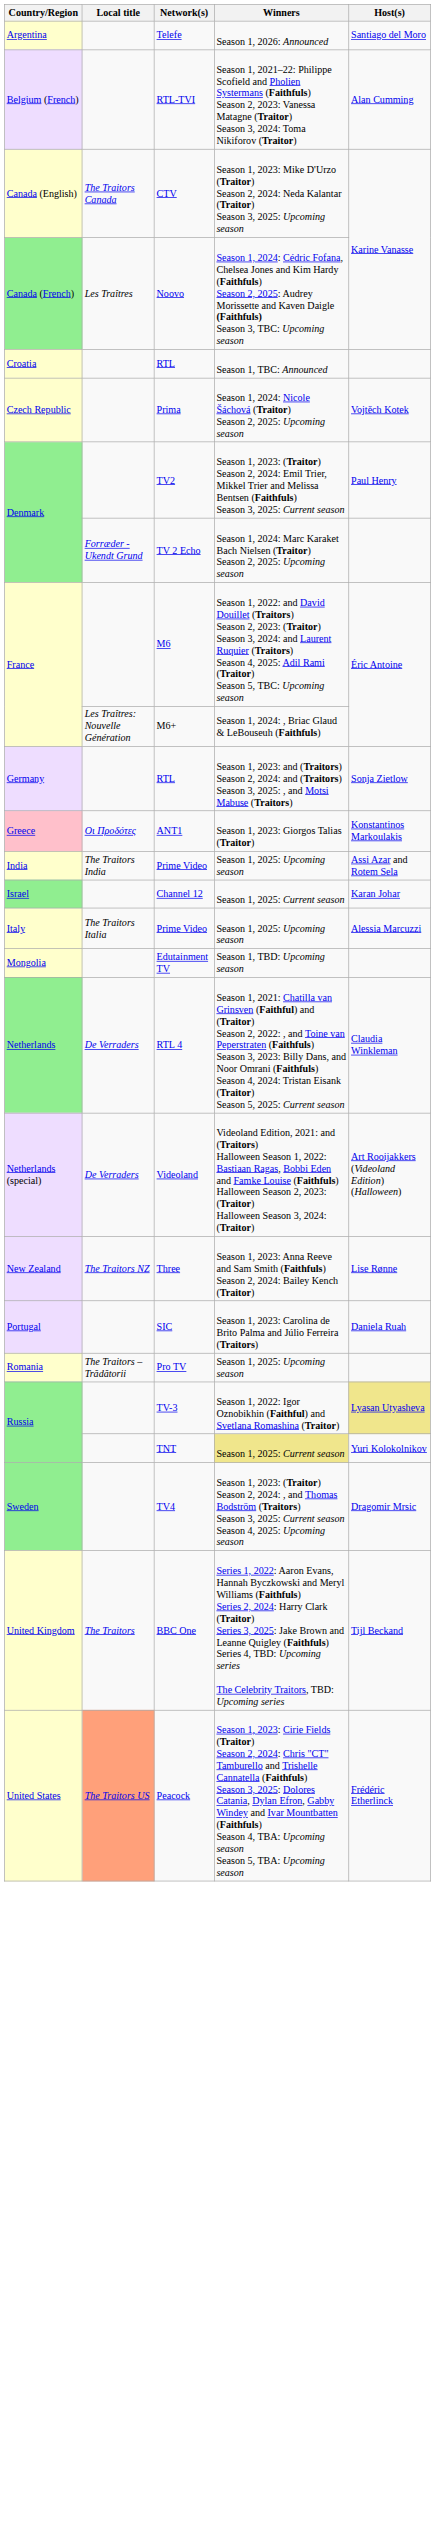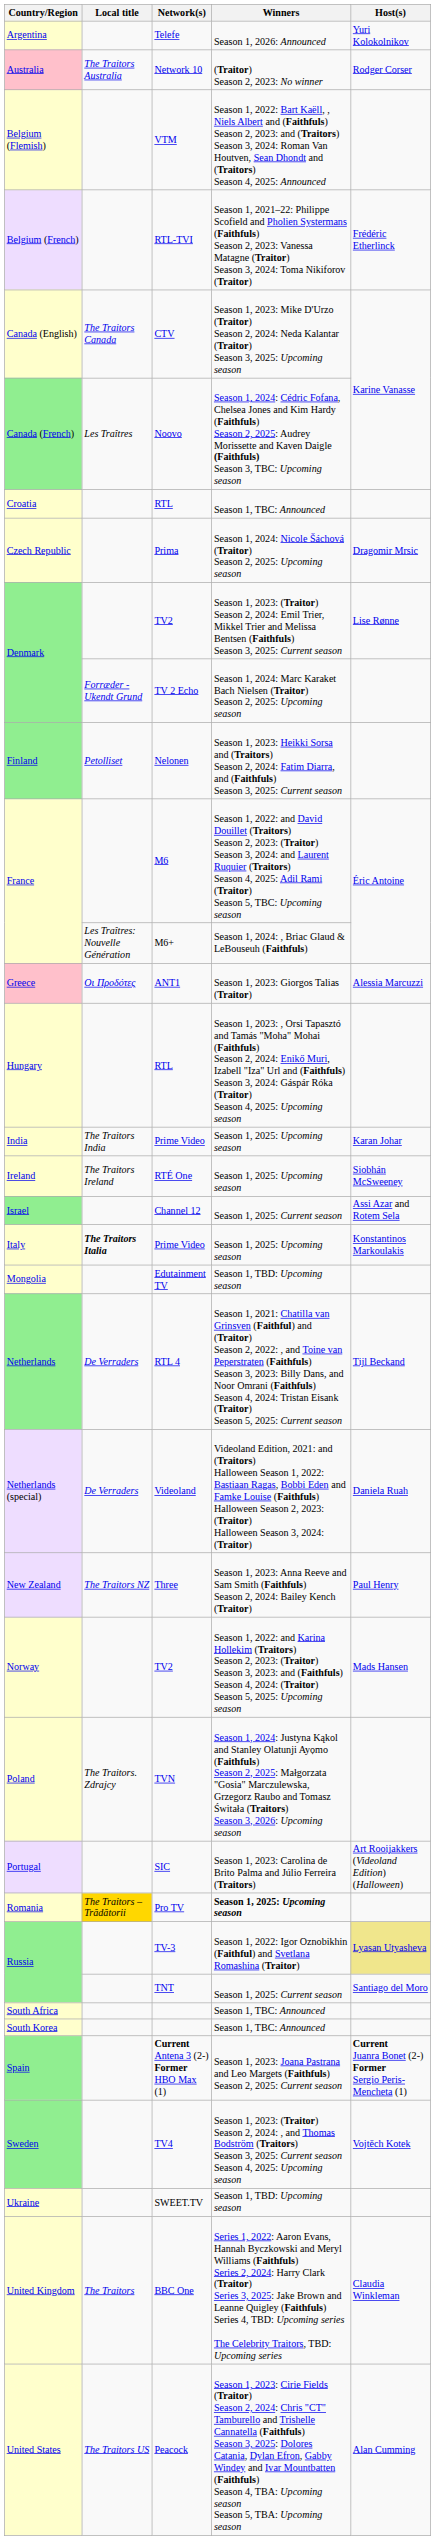 <table class="wikitable" style="text-align:left; font-size:90%">
 <tr>
 <th>Country/Region</th>
 <th>Local title</th>
 <th>Network(s)</th>
 <th>Winners</th>
 <th>Host(s)</th>
 </tr>
 <tr>
 <td bgcolor=FFFFCC><a href='#'>Argentina</a></td>
 <td></td>
 <td><a href='#'>Telefe</a></td>
 <td><br>Season 1, 2026: <em>Announced</em></td>
-<td><a href='#'>Santiago del Moro</a></td>
+<td><a href='#'>Yuri Kolokolnikov</a></td>
+</tr>
+<tr>
+<td bgcolor=#FFC0CB><a href='#'>Australia</a></td>
+<td><em><a href='#'>The Traitors Australia</a></em></td>
+<td><a href='#'>Network 10</a></td>
+<td><br> (<strong>Traitor</strong>)<br> Season 2, 2023: <em>No winner</em></td>
+<td><a href='#'>Rodger Corser</a></td>
+</tr>
+<tr>
+<td bgcolor=FFFFCC><a href='#'>Belgium</a> (<a href='#'>Flemish</a>)</td>
+<td><em></em></td>
+<td><a href='#'>VTM</a></td>
+<td><br>Season 1, 2022: <a href='#'>Bart Kaëll</a>, , <a href='#'>Niels Albert</a> and  (<strong>Faithfuls</strong>)<br> Season 2, 2023:  and  (<strong>Traitors</strong>)<br> Season 3, 2024: Roman Van Houtven, <a href='#'>Sean Dhondt</a> and  (<strong>Traitors</strong>)<br> Season 4, 2025: <em>Announced</em></td>
+<td></td>
 </tr>
 <tr>
 <td bgcolor=EEDDFF><a href='#'>Belgium</a> (<a href='#'>French</a>)</td>
 <td><em></em></td>
 <td><a href='#'>RTL-TVI</a></td>
 <td><br>Season 1, 2021–22: Philippe Scofield and <a href='#'>Pholien Systermans</a> (<strong>Faithfuls</strong>)<br> Season 2, 2023: Vanessa Matagne (<strong>Traitor</strong>)<br> Season 3, 2024: Toma Nikiforov (<strong>Traitor</strong>)</td>
-<td><a href='#'>Alan Cumming</a></td>
+<td><a href='#'>Frédéric Etherlinck</a></td>
 </tr>
 <tr>
 <td bgcolor= FFFFCC><a href='#'>Canada</a> (English)</td>
 <td><em><a href='#'>The Traitors Canada</a></em></td>
 <td><a href='#'>CTV</a></td>
 <td><br>Season 1, 2023: Mike D'Urzo (<strong>Traitor</strong>)<br> Season 2, 2024: Neda Kalantar (<strong>Traitor</strong>)<br> Season 3, 2025: <em>Upcoming season</em> </td>
 <td rowspan="2"><a href='#'>Karine Vanasse</a></td>
 </tr>
 <tr>
 <td bgcolor=lightgreen><a href='#'>Canada</a> (<a href='#'>French</a>)</td>
 <td><em>Les Traîtres</em></td>
 <td><a href='#'>Noovo</a></td>
 <td><br><a href='#'>Season 1, 2024</a>: <a href='#'>Cédric Fofana</a>, Chelsea Jones and Kim Hardy (<strong>Faithfuls</strong>)<br> <a href='#'>Season 2, 2025</a>: Audrey Morissette and Kaven Daigle <strong>(Faithfuls)</strong><br> Season 3, TBC: <em>Upcoming season</em> </td>
 </tr>
 <tr>
 <td bgcolor=FFFFCC><a href='#'>Croatia</a></td>
 <td></td>
 <td><a href='#'>RTL</a></td>
 <td><br>Season 1, TBC: <em>Announced</em></td>
 <td></td>
 </tr>
 <tr>
 <td bgcolor=FFFFCC><a href='#'>Czech Republic</a></td>
 <td><em></em></td>
 <td><a href='#'>Prima</a></td>
 <td><br>Season 1, 2024: <a href='#'>Nicole Šáchová</a> (<strong>Traitor</strong>)<br> Season 2, 2025: <em>Upcoming season</em></td>
-<td><a href='#'>Vojtěch Kotek</a></td>
+<td><a href='#'>Dragomir Mrsic</a></td>
 </tr>
 <tr>
 <td rowspan="2" bgcolor=lightgreen><a href='#'>Denmark</a></td>
 <td><em></em></td>
 <td><a href='#'>TV2</a></td>
 <td><br>Season 1, 2023:  (<strong>Traitor</strong>)<br> Season 2, 2024: Emil Trier, Mikkel Trier and Melissa Bentsen (<strong>Faithfuls</strong>)<br> Season 3, 2025: <em>Current season</em> </td>
-<td><a href='#'>Paul Henry</a></td>
+<td><a href='#'>Lise Rønne</a></td>
 </tr>
 <tr>
 <td><em><a href='#'>Forræder - Ukendt Grund</a></em></td>
 <td><a href='#'>TV 2 Echo</a></td>
 <td><br>Season 1, 2024: Marc Karaket Bach Nielsen (<strong>Traitor</strong>)<br> Season 2, 2025: <em>Upcoming season</em></td>
+<td></td>
+</tr>
+<tr>
+<td bgcolor= lightgreen><a href='#'>Finland</a></td>
+<td><em><a href='#'>Petolliset</a></em></td>
+<td><a href='#'>Nelonen</a></td>
+<td><br>Season 1, 2023: <a href='#'>Heikki Sorsa</a> and  (<strong>Traitors</strong>)<br> Season 2, 2024: <a href='#'>Fatim Diarra</a>,  and  (<strong>Faithfuls</strong>)<br> Season 3, 2025: <em>Current season</em></td>
 <td></td>
 </tr>
 <tr>
 <td rowspan="2" bgcolor=#FFFFCC><a href='#'>France</a></td>
 <td><em></em></td>
 <td><a href='#'>M6</a></td>
 <td><br>Season 1, 2022:  and <a href='#'>David Douillet</a> (<strong>Traitors</strong>)<br> Season 2, 2023:  (<strong>Traitor</strong>)<br> Season 3, 2024:  and <a href='#'>Laurent Ruquier</a> (<strong>Traitors</strong>)<br> Season 4, 2025: <a href='#'>Adil Rami</a> (<strong>Traitor</strong>)<br> Season 5, TBC: <em>Upcoming season</em> </td>
 <td rowspan="2"><a href='#'>Éric Antoine</a></td>
 </tr>
 <tr>
 <td><em> Les Traîtres: Nouvelle Génération </em></td>
 <td>M6+</td>
 <td>Season 1, 2024: , Briac Glaud & LeBouseuh (<strong>Faithfuls</strong>)</td>
 </tr>
 <tr>
-<td bgcolor=EEDDFF><a href='#'>Germany</a></td>
-<td><em></em></td>
-<td><a href='#'>RTL</a></td>
-<td><br>Season 1, 2023:  and  (<strong>Traitors</strong>)<br> Season 2, 2024:  and  (<strong>Traitors</strong>)<br> Season 3, 2025:  ,  and <a href='#'>Motsi Mabuse</a> (<strong>Traitors</strong>)</td>
-<td><a href='#'>Sonja Zietlow</a></td>
-</tr>
-<tr>
 <td bgcolor=#FFC0CB><a href='#'>Greece</a></td>
 <td><em><a href='#'>Οι Προδότες</a></em><br></td>
 <td><a href='#'>ANT1</a></td>
 <td><br>Season 1, 2023: Giorgos Talias (<strong>Traitor</strong>)</td>
-<td><a href='#'>Konstantinos Markoulakis</a></td>
+<td><a href='#'>Alessia Marcuzzi</a></td>
+</tr>
+<tr>
+<td bgcolor= FFFFCC><a href='#'>Hungary</a></td>
+<td><em></em></td>
+<td><a href='#'>RTL</a></td>
+<td><br>Season 1, 2023: , Orsi Tapasztó and Tamás "Moha" Mohai (<strong>Faithfuls</strong>)<br> Season 2, 2024: <a href='#'>Enikő Muri</a>, Izabell "Iza" Url and  (<strong>Faithfuls</strong>)<br> Season 3, 2024: Gáspár Róka (<strong>Traitor</strong>)<br> Season 4, 2025: <em>Upcoming season</em></td>
+<td></td>
 </tr>
 <tr>
 <td bgcolor= FFFFCC><a href='#'>India</a></td>
 <td><em>The Traitors India</em></td>
 <td><a href='#'>Prime Video</a></td>
 <td>Season 1, 2025: <em>Upcoming season</em></td>
-<td><a href='#'>Assi Azar</a> and <a href='#'>Rotem Sela</a></td>
+<td><a href='#'>Karan Johar</a></td>
+</tr>
+<tr>
+<td bgcolor=#FFFFCC><a href='#'>Ireland</a></td>
+<td><em>The Traitors Ireland</em></td>
+<td><a href='#'>RTÉ One</a></td>
+<td><br>Season 1, 2025: <em>Upcoming season</em></td>
+<td><a href='#'>Siobhán McSweeney</a></td>
 </tr>
 <tr>
 <td bgcolor= lightgreen><a href='#'>Israel</a></td>
 <td><em></em><br></td>
 <td><a href='#'>Channel 12</a></td>
 <td><br>Season 1, 2025: <em>Current season</em></td>
-<td><a href='#'>Karan Johar</a></td>
+<td><a href='#'>Assi Azar</a> and <a href='#'>Rotem Sela</a></td>
 </tr>
 <tr>
 <td bgcolor=#FFFFCC><a href='#'>Italy</a></td>
-<td><em>The Traitors Italia</em></td>
+<td><strong><em>The Traitors Italia</em></strong></td>
 <td><a href='#'>Prime Video</a></td>
 <td><br>Season 1, 2025: <em>Upcoming season</em></td>
-<td><a href='#'>Alessia Marcuzzi</a></td>
+<td><a href='#'>Konstantinos Markoulakis</a></td>
 </tr>
 <tr>
 <td bgcolor= FFFFCC><a href='#'>Mongolia</a></td>
 <td></td>
 <td><a href='#'>Edutainment TV</a></td>
 <td>Season 1, TBD: <em>Upcoming season</em></td>
 <td></td>
 </tr>
 <tr>
 <td bgcolor=lightgreen><a href='#'>Netherlands</a></td>
 <td><em><a href='#'>De Verraders</a></em></td>
 <td><a href='#'>RTL 4</a></td>
 <td><br>Season 1, 2021: <a href='#'>Chatilla van Grinsven</a> (<strong>Faithful</strong>) and  (<strong>Traitor</strong>)<br> Season 2, 2022: ,  and <a href='#'>Toine van Peperstraten</a> (<strong>Faithfuls</strong>)<br> Season 3, 2023: Billy Dans,  and Noor Omrani (<strong>Faithfuls</strong>)<br> Season 4, 2024: Tristan Eisank (<strong>Traitor</strong>)<br> Season 5, 2025:  <em>Current season</em></td>
-<td><a href='#'>Claudia Winkleman</a></td>
+<td><a href='#'>Tijl Beckand</a></td>
 </tr>
 <tr>
 <td bgcolor=#EEDDFF><a href='#'>Netherlands</a> (special)</td>
 <td><em><a href='#'>De Verraders</a></em></td>
 <td><a href='#'>Videoland</a></td>
 <td><br>Videoland Edition, 2021:  and  (<strong>Traitors</strong>)<br> Halloween Season 1, 2022: <a href='#'>Bastiaan Ragas</a>, <a href='#'>Bobbi Eden</a> and <a href='#'>Famke Louise</a> (<strong>Faithfuls</strong>)<br> Halloween Season 2, 2023:  (<strong>Traitor</strong>)<br> Halloween Season 3, 2024:  (<strong>Traitor</strong>)</td>
-<td><a href='#'>Art Rooijakkers</a> (<em>Videoland Edition</em>)<br> (<em>Halloween</em>)</td>
+<td><a href='#'>Daniela Ruah</a></td>
 </tr>
 <tr>
 <td bgcolor="#EEDDFF"><a href='#'>New Zealand</a></td>
 <td><em><a href='#'>The Traitors NZ</a></em></td>
 <td><a href='#'>Three</a></td>
 <td><br>Season 1, 2023: Anna Reeve and Sam Smith (<strong>Faithfuls</strong>)<br> Season 2, 2024: Bailey Kench (<strong>Traitor</strong>)</td>
-<td><a href='#'>Lise Rønne</a></td>
+<td><a href='#'>Paul Henry</a></td>
+</tr>
+<tr>
+<td bgcolor=FFFFCC><a href='#'>Norway</a></td>
+<td><em></em></td>
+<td><a href='#'>TV2</a></td>
+<td><br>Season 1, 2022:  and <a href='#'>Karina Hollekim</a> (<strong>Traitors</strong>)<br> Season 2, 2023:  (<strong>Traitor</strong>)<br> Season 3, 2023:  and  (<strong>Faithfuls</strong>)<br> Season 4, 2024:  (<strong>Traitor</strong>)<br> Season 5, 2025: <em>Upcoming season</em></td>
+<td><a href='#'>Mads Hansen</a></td>
+</tr>
+<tr>
+<td bgcolor= FFFFCC><a href='#'>Poland</a></td>
+<td><em>The Traitors. Zdrajcy</em></td>
+<td><a href='#'>TVN</a></td>
+<td><br><a href='#'>Season 1, 2024</a>: Justyna Kąkol and Stanley Olatunji Ayọmo (<strong>Faithfuls</strong>)<br> <a href='#'>Season 2, 2025</a>: Małgorzata "Gosia" Marczulewska, Grzegorz Raubo and Tomasz Świtała (<strong>Traitors</strong>)<br> <a href='#'>Season 3, 2026</a>: <em>Upcoming season</em> </td>
+<td></td>
 </tr>
 <tr>
 <td bgcolor=#EEDDFF><a href='#'>Portugal</a></td>
 <td><em></em></td>
 <td><a href='#'>SIC</a></td>
 <td><br>Season 1, 2023: Carolina de Brito Palma and Júlio Ferreira (<strong>Traitors</strong>)</td>
-<td><a href='#'>Daniela Ruah</a></td>
+<td><a href='#'>Art Rooijakkers</a> (<em>Videoland Edition</em>)<br> (<em>Halloween</em>)</td>
 </tr>
 <tr>
 <td bgcolor=#FFFFCC><a href='#'>Romania</a></td>
-<td><em>The Traitors – Trădătorii</em></td>
+<td style="background: gold;"><em>The Traitors – Trădătorii</em></td>
 <td><a href='#'>Pro TV</a></td>
-<td>Season 1, 2025: <em>Upcoming season</em></td>
+<td><strong>Season 1, 2025: <em>Upcoming season</em></strong></td>
 <td></td>
 </tr>
 <tr>
 <td rowspan="2" bgcolor=lightgreen><a href='#'>Russia</a></td>
 <td><em></em><br></td>
 <td><a href='#'>TV-3</a></td>
 <td><br>Season 1, 2022: Igor Oznobikhin (<strong>Faithful</strong>) and <a href='#'>Svetlana Romashina</a> (<strong>Traitor</strong>)</td>
 <td style="background: khaki;"><a href='#'>Lyasan Utyasheva</a></td>
 </tr>
 <tr>
 <td><em></em><br></td>
 <td><a href='#'>TNT</a></td>
-<td style="background: khaki;"><br>Season 1, 2025: <em>Current season</em></td>
-<td><a href='#'>Yuri Kolokolnikov</a></td>
+<td><br>Season 1, 2025: <em>Current season</em></td>
+<td><a href='#'>Santiago del Moro</a></td>
+</tr>
+<tr>
+<td bgcolor=#FFFFCC><a href='#'>South Africa</a></td>
+<td></td>
+<td></td>
+<td>Season 1, TBC: <em>Announced</em></td>
+<td></td>
+</tr>
+<tr>
+<td bgcolor=#FFFFCC><a href='#'>South Korea</a></td>
+<td></td>
+<td></td>
+<td>Season 1, TBC: <em>Announced</em></td>
+<td></td>
+</tr>
+<tr>
+<td bgcolor= lightgreen><a href='#'>Spain</a></td>
+<td><em></em></td>
+<td><strong>Current</strong><br> <a href='#'>Antena 3</a> (2-)<br> <strong>Former</strong><br><a href='#'>HBO Max</a> (1)</td>
+<td><br>Season 1, 2023: <a href='#'>Joana Pastrana</a> and Leo Margets (<strong>Faithfuls</strong>)<br> Season 2, 2025: <em>Current season</em></td>
+<td><strong>Current</strong><br><a href='#'>Juanra Bonet</a> (2-)<br><strong>Former</strong><br> <a href='#'>Sergio Peris-Mencheta</a>  (1)</td>
 </tr>
 <tr>
 <td bgcolor= lightgreen><a href='#'>Sweden</a></td>
 <td><em></em></td>
 <td><a href='#'>TV4</a></td>
 <td><br>Season 1, 2023:  (<strong>Traitor</strong>)<br> Season 2, 2024: ,  and <a href='#'>Thomas Bodström</a> (<strong>Traitors</strong>)<br> Season 3, 2025: <em>Current season</em><br> Season 4, 2025: <em>Upcoming season</em> </td>
-<td><a href='#'>Dragomir Mrsic</a></td>
+<td><a href='#'>Vojtěch Kotek</a></td>
+</tr>
+<tr>
+<td bgcolor=#FFFFCC><a href='#'>Ukraine</a></td>
+<td></td>
+<td>SWEET.TV</td>
+<td>Season 1, TBD: <em>Upcoming season</em></td>
+<td></td>
 </tr>
 <tr>
 <td bgcolor=#FFFFCC><a href='#'>United Kingdom</a></td>
 <td><em><a href='#'>The Traitors</a></em></td>
 <td><a href='#'>BBC One</a></td>
 <td><br><a href='#'>Series 1, 2022</a>: Aaron Evans, Hannah Byczkowski and Meryl Williams (<strong>Faithfuls</strong>)<br> <a href='#'>Series 2, 2024</a>: Harry Clark (<strong>Traitor</strong>)<br> <a href='#'>Series 3, 2025</a>: Jake Brown and Leanne Quigley (<strong>Faithfuls</strong>)<br> Series 4, TBD: <em>Upcoming series</em><br><br> <a href='#'>The Celebrity Traitors</a>, TBD: <em>Upcoming series</em><br></td>
-<td><a href='#'>Tijl Beckand</a></td>
+<td><a href='#'>Claudia Winkleman</a></td>
 </tr>
 <tr>
 <td bgcolor=FFFFCC><a href='#'>United States</a></td>
-<td style="background: lightsalmon;"><em><a href='#'>The Traitors US</a></em></td>
+<td><em><a href='#'>The Traitors US</a></em></td>
 <td><a href='#'>Peacock</a></td>
 <td><br><a href='#'>Season 1, 2023</a>: <a href='#'>Cirie Fields</a> (<strong>Traitor</strong>)<br> <a href='#'>Season 2, 2024</a>: <a href='#'>Chris "CT" Tamburello</a> and <a href='#'>Trishelle Cannatella</a> (<strong>Faithfuls</strong>)<br> <a href='#'>Season 3, 2025</a>: <a href='#'>Dolores Catania</a>, <a href='#'>Dylan Efron</a>, <a href='#'>Gabby Windey</a> and <a href='#'>Ivar Mountbatten</a> (<strong>Faithfuls</strong>)<br> Season 4, TBA: <em>Upcoming season</em><br> Season 5, TBA: <em>Upcoming season</em></td>
-<td><a href='#'>Frédéric Etherlinck</a></td>
+<td><a href='#'>Alan Cumming</a></td>
 </tr>
 </table>
